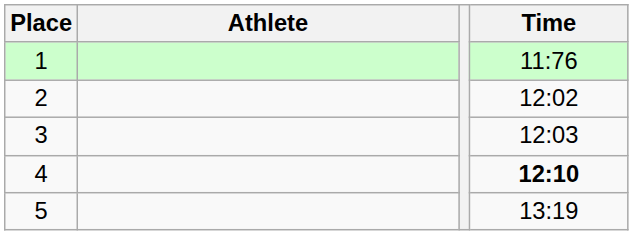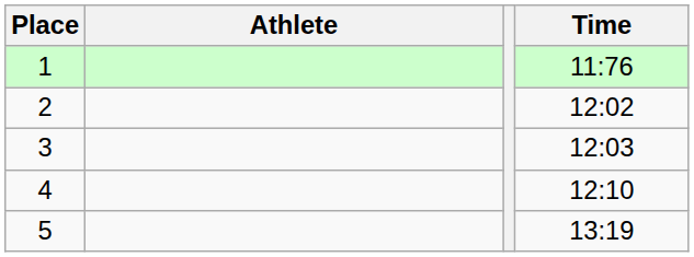 <table class="wikitable" style="text-align:center">
 <tr>
 <th>Place</th>
 <th width=250>Athlete</th>
 <th rowspan=27></th>
 <th width=100>Time</th>
 </tr>
 <tr style="background:#ccffcc;">
 <td>1</td>
 <td align=left></td>
 <td>11:76</td>
 </tr>
 <tr>
 <td>2</td>
 <td align=left></td>
 <td>12:02</td>
 </tr>
 <tr>
 <td>3</td>
 <td align=left></td>
 <td>12:03</td>
 </tr>
 <tr>
 <td>4</td>
 <td align=left></td>
-<td><strong>12:10</strong></td>
+<td>12:10</td>
 </tr>
 <tr>
 <td>5</td>
 <td align=left></td>
 <td>13:19</td>
 </tr>
 </table>
